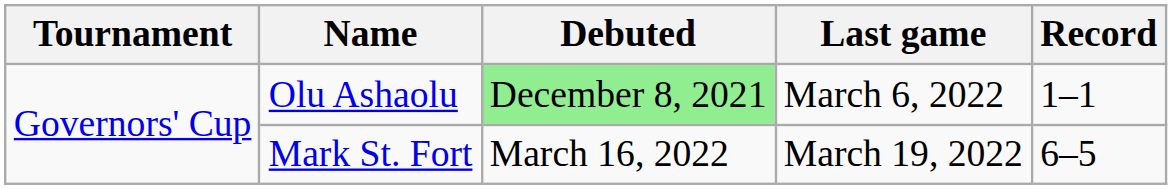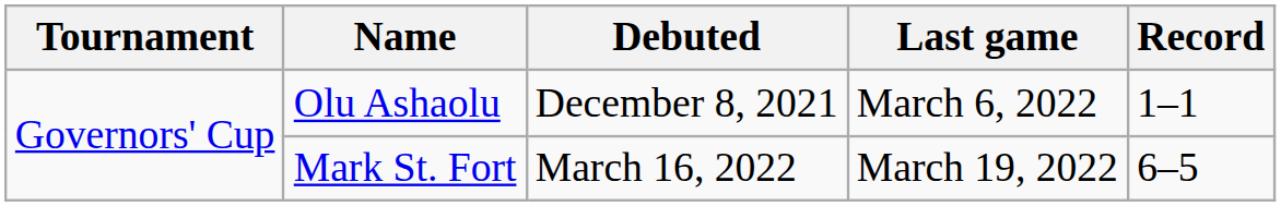 <table class="wikitable">
 <tr>
 <th>Tournament</th>
 <th>Name</th>
 <th>Debuted</th>
 <th>Last game</th>
 <th>Record</th>
 </tr>
 <tr>
 <td rowspan=2><a href='#'>Governors' Cup</a></td>
 <td><a href='#'>Olu Ashaolu</a></td>
-<td style="background: lightgreen;">December 8, 2021 </td>
+<td>December 8, 2021 </td>
 <td>March 6, 2022 </td>
 <td>1–1</td>
 </tr>
 <tr>
 <td><a href='#'>Mark St. Fort</a></td>
 <td>March 16, 2022 </td>
 <td>March 19, 2022 </td>
 <td>6–5</td>
 </tr>
 </table>
